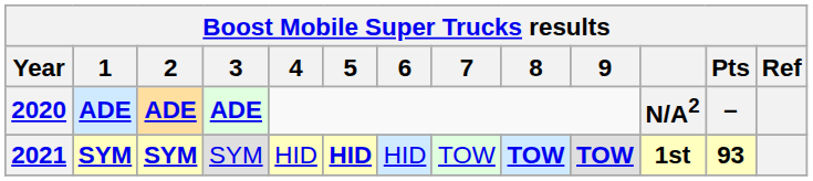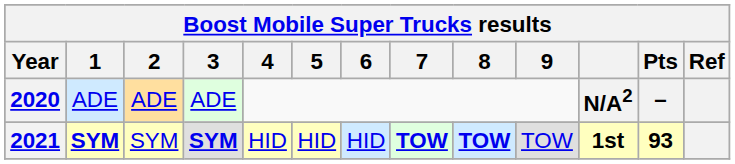 <table class="wikitable" style="text-align:center; font-size:80%">
 <tr>
 <th colspan=45><a href='#'>Boost Mobile Super Trucks</a> results</th>
 </tr>
 <tr>
 <th>Year</th>
 <th>1</th>
 <th>2</th>
 <th>3</th>
 <th>4</th>
 <th>5</th>
 <th>6</th>
 <th>7</th>
 <th>8</th>
 <th>9</th>
 <th></th>
 <th>Pts</th>
 <th>Ref</th>
 </tr>
 <tr>
 <th><a href='#'>2020</a></th>
-<td style="background:#CFEAFF;"><strong><a href='#'>ADE</a><br></strong></td>
-<td style="background:#FFDF9F;"><strong><a href='#'>ADE</a><br></strong></td>
-<td style="background:#DFFFDF;"><strong><a href='#'>ADE</a><br></strong></td>
+<td style="background:#CFEAFF;"><a href='#'>ADE</a><br></td>
+<td style="background:#FFDF9F;"><a href='#'>ADE</a><br></td>
+<td style="background:#DFFFDF;"><a href='#'>ADE</a><br></td>
 <td colspan=6></td>
 <th>N/A<sup>2</sup></th>
 <th>–</th>
 <th></th>
 </tr>
 <tr>
 <th><a href='#'>2021</a></th>
 <td style="background:#FFFFBF;"><strong><a href='#'>SYM</a></strong><br></td>
-<td style="background:#FFFFBF;"><strong><a href='#'>SYM</a><br></strong></td>
-<td style="background:#DFDFDF;"><a href='#'>SYM</a><br></td>
+<td style="background:#FFFFBF;"><a href='#'>SYM</a><br></td>
+<td style="background:#DFDFDF;"><strong><a href='#'>SYM</a><br></strong></td>
 <td style="background:#FFFFBF;"><a href='#'>HID</a><br></td>
-<td style="background:#FFFFBF;"><strong><a href='#'>HID</a><br></strong></td>
+<td style="background:#FFFFBF;"><a href='#'>HID</a><br></td>
 <td style="background:#CFEAFF;"><a href='#'>HID</a><br></td>
-<td style="background:#DFFFDF;"><a href='#'>TOW</a><br></td>
+<td style="background:#DFFFDF;"><strong><a href='#'>TOW</a><br></strong></td>
 <td style="background:#CFEAFF;"><strong><a href='#'>TOW</a><br></strong></td>
-<td style="background:#DFDFDF;"><strong><a href='#'>TOW</a><br></strong></td>
+<td style="background:#DFDFDF;"><a href='#'>TOW</a><br></td>
 <th style="background:#FFFFBF;">1st</th>
 <th style="background:#FFFFBF;">93</th>
 <th></th>
 </tr>
 </table>
